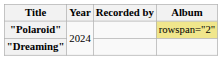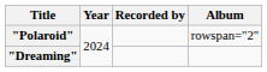 <table class="wikitable plainrowheaders" style="text-align:center">
 <tr>
 <th scope="col">Title</th>
 <th scope="col">Year</th>
 <th scope="col">Recorded by</th>
 <th scope="col">Album</th>
 </tr>
 <tr>
 <th scope="row">"Polaroid"</th>
 <td rowspan="2">2024</td>
 <td style="text-align:left"></td>
-<td style="background: khaki;">rowspan="2" </td>
+<td>rowspan="2" </td>
 </tr>
 <tr>
 <th scope="row">"Dreaming"</th>
 <td style="text-align:left"></td>
 </tr>
 </table>
